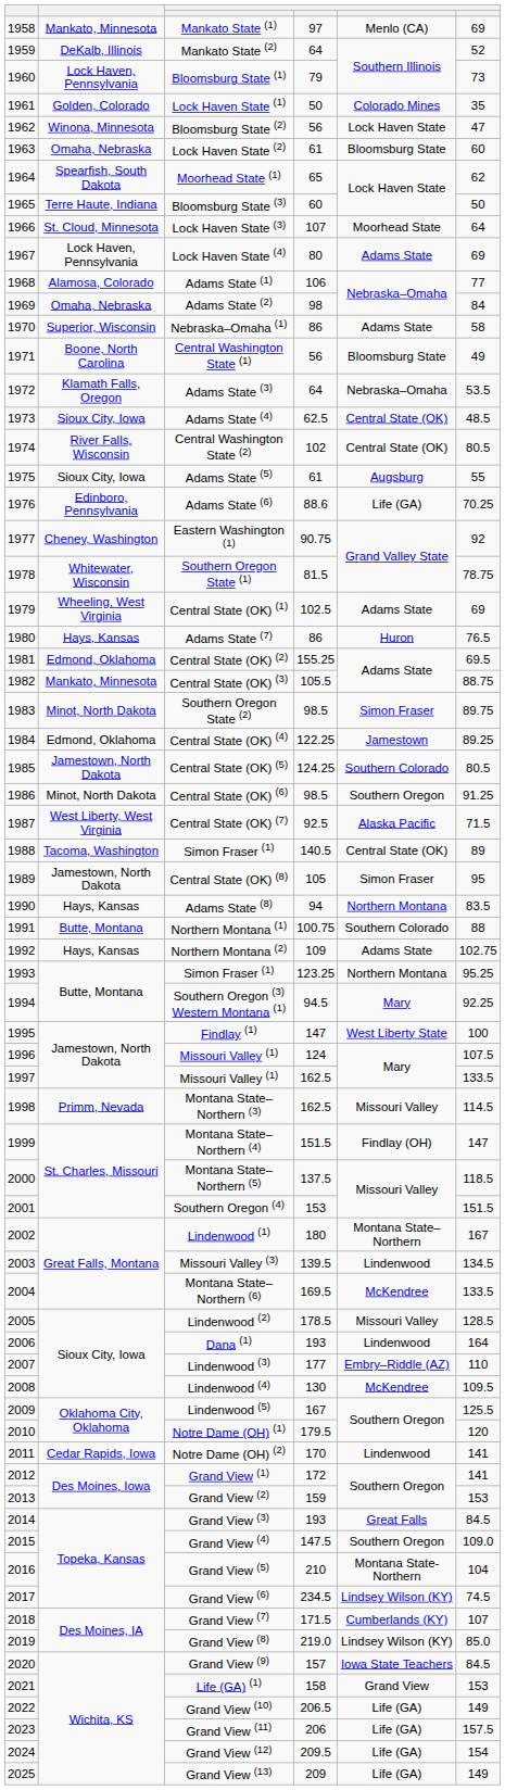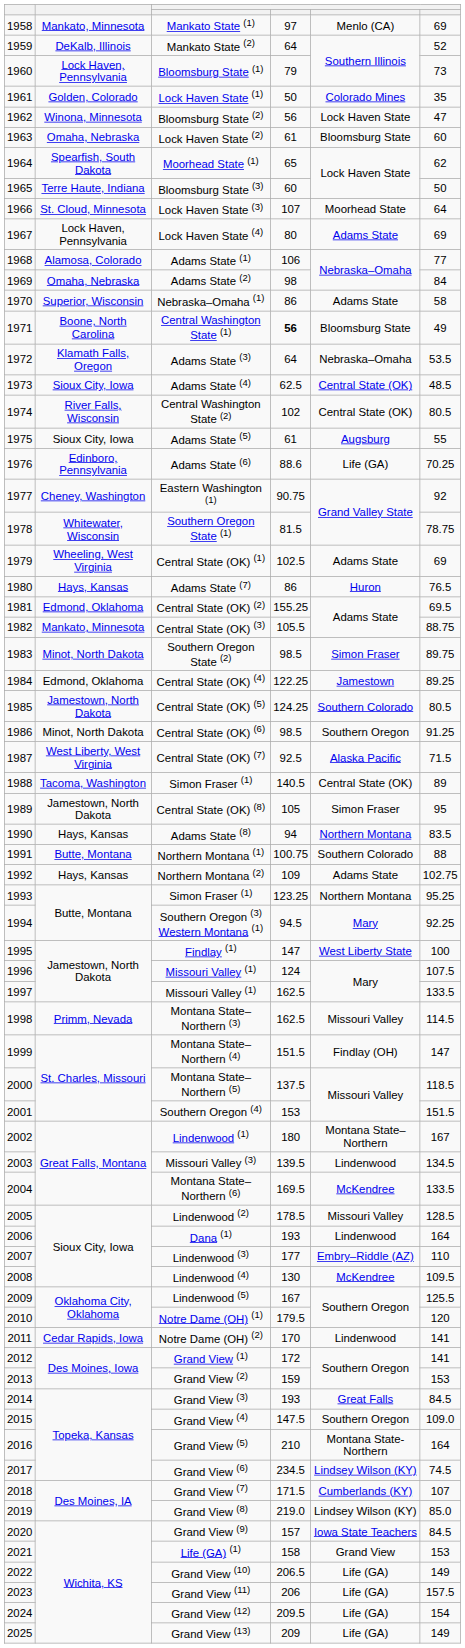 <table class="wikitable sortable" style="font-size:95%; text-align: center;">
 <tr>
 <th rowspan="2"></th>
 <th rowspan="2"></th>
 <th colspan=4></th>
 </tr>
 <tr>
 <th></th>
 <th></th>
 <th></th>
 <th></th>
 </tr>
 <tr>
 <td align=center>1958</td>
 <td><a href='#'>Mankato, Minnesota</a></td>
 <td><a href='#'>Mankato State</a> <sup>(1)</sup></td>
 <td align=center>97</td>
 <td>Menlo (CA)</td>
 <td align=center>69</td>
 </tr>
 <tr>
 <td align=center>1959</td>
 <td><a href='#'>DeKalb, Illinois</a></td>
 <td>Mankato State <sup>(2)</sup></td>
 <td align=center>64</td>
 <td rowspan="2"><a href='#'>Southern Illinois</a></td>
 <td align=center>52</td>
 </tr>
 <tr>
 <td align=center>1960</td>
 <td><a href='#'>Lock Haven, Pennsylvania</a></td>
 <td><a href='#'>Bloomsburg State</a> <sup>(1)</sup></td>
 <td align=center>79</td>
 <td align=center>73</td>
 </tr>
 <tr>
 <td align=center>1961</td>
 <td><a href='#'>Golden, Colorado</a></td>
 <td><a href='#'>Lock Haven State</a> <sup>(1)</sup></td>
 <td align=center>50</td>
 <td><a href='#'>Colorado Mines</a></td>
 <td align=center>35</td>
 </tr>
 <tr>
 <td align=center>1962</td>
 <td><a href='#'>Winona, Minnesota</a></td>
 <td>Bloomsburg State <sup>(2)</sup></td>
 <td align=center>56</td>
 <td>Lock Haven State</td>
 <td align=center>47</td>
 </tr>
 <tr>
 <td align=center>1963</td>
 <td><a href='#'>Omaha, Nebraska</a></td>
 <td>Lock Haven State <sup>(2)</sup></td>
 <td align=center>61</td>
 <td>Bloomsburg State</td>
 <td align=center>60</td>
 </tr>
 <tr>
 <td align=center>1964</td>
 <td><a href='#'>Spearfish, South Dakota</a></td>
 <td><a href='#'>Moorhead State</a> <sup>(1)</sup></td>
 <td align=center>65</td>
 <td rowspan="2">Lock Haven State</td>
 <td align=center>62</td>
 </tr>
 <tr>
 <td align=center>1965</td>
 <td><a href='#'>Terre Haute, Indiana</a></td>
 <td>Bloomsburg State <sup>(3)</sup></td>
 <td align=center>60</td>
 <td align=center>50</td>
 </tr>
 <tr>
 <td align=center>1966</td>
 <td><a href='#'>St. Cloud, Minnesota</a></td>
 <td>Lock Haven State <sup>(3)</sup></td>
 <td align=center>107</td>
 <td>Moorhead State</td>
 <td align=center>64</td>
 </tr>
 <tr>
 <td align=center>1967</td>
 <td>Lock Haven, Pennsylvania</td>
 <td>Lock Haven State <sup>(4)</sup></td>
 <td align=center>80</td>
 <td><a href='#'>Adams State</a></td>
 <td align=center>69</td>
 </tr>
 <tr>
 <td align=center>1968</td>
 <td><a href='#'>Alamosa, Colorado</a></td>
 <td>Adams State <sup>(1)</sup></td>
 <td align=center>106</td>
 <td rowspan="2"><a href='#'>Nebraska–Omaha</a></td>
 <td align=center>77</td>
 </tr>
 <tr>
 <td align=center>1969</td>
 <td><a href='#'>Omaha, Nebraska</a></td>
 <td>Adams State <sup>(2)</sup></td>
 <td align=center>98</td>
 <td align=center>84</td>
 </tr>
 <tr>
 <td align=center>1970</td>
 <td><a href='#'>Superior, Wisconsin</a></td>
 <td>Nebraska–Omaha <sup>(1)</sup></td>
 <td align=center>86</td>
 <td>Adams State</td>
 <td align=center>58</td>
 </tr>
 <tr>
 <td align=center>1971</td>
 <td><a href='#'>Boone, North Carolina</a></td>
 <td><a href='#'>Central Washington State</a> <sup>(1)</sup></td>
-<td align=center>56</td>
+<td align=center><strong>56</strong></td>
 <td>Bloomsburg State</td>
 <td align=center>49</td>
 </tr>
 <tr>
 <td align=center>1972</td>
 <td><a href='#'>Klamath Falls, Oregon</a></td>
 <td>Adams State <sup>(3)</sup></td>
 <td align=center>64</td>
 <td>Nebraska–Omaha</td>
 <td align=center>53.5</td>
 </tr>
 <tr>
 <td align=center>1973</td>
 <td><a href='#'>Sioux City, Iowa</a></td>
 <td>Adams State <sup>(4)</sup></td>
 <td align=center>62.5</td>
 <td><a href='#'>Central State (OK)</a></td>
 <td align=center>48.5</td>
 </tr>
 <tr>
 <td align=center>1974</td>
 <td><a href='#'>River Falls, Wisconsin</a></td>
 <td>Central Washington State <sup>(2)</sup></td>
 <td align=center>102</td>
 <td>Central State (OK)</td>
 <td align=center>80.5</td>
 </tr>
 <tr>
 <td align=center>1975</td>
 <td>Sioux City, Iowa</td>
 <td>Adams State <sup>(5)</sup></td>
 <td align=center>61</td>
 <td><a href='#'>Augsburg</a></td>
 <td align=center>55</td>
 </tr>
 <tr>
 <td align=center>1976</td>
 <td><a href='#'>Edinboro, Pennsylvania</a></td>
 <td>Adams State <sup>(6)</sup></td>
 <td align=center>88.6</td>
 <td>Life (GA)</td>
 <td align=center>70.25</td>
 </tr>
 <tr>
 <td align=center>1977</td>
 <td><a href='#'>Cheney, Washington</a></td>
 <td>Eastern Washington <sup>(1)</sup></td>
 <td align=center>90.75</td>
 <td rowspan="2"><a href='#'>Grand Valley State</a></td>
 <td align=center>92</td>
 </tr>
 <tr>
 <td align=center>1978</td>
 <td><a href='#'>Whitewater, Wisconsin</a></td>
 <td><a href='#'>Southern Oregon State</a> <sup>(1)</sup></td>
 <td align=center>81.5</td>
 <td align=center>78.75</td>
 </tr>
 <tr>
 <td align=center>1979</td>
 <td><a href='#'>Wheeling, West Virginia</a></td>
 <td>Central State (OK) <sup>(1)</sup></td>
 <td align=center>102.5</td>
 <td>Adams State</td>
 <td align=center>69</td>
 </tr>
 <tr>
 <td align=center>1980</td>
 <td><a href='#'>Hays, Kansas</a></td>
 <td>Adams State <sup>(7)</sup></td>
 <td align=center>86</td>
 <td><a href='#'>Huron</a></td>
 <td align=center>76.5</td>
 </tr>
 <tr>
 <td align=center>1981</td>
 <td><a href='#'>Edmond, Oklahoma</a></td>
 <td>Central State (OK) <sup>(2)</sup></td>
 <td align=center>155.25</td>
 <td rowspan="2">Adams State</td>
 <td align=center>69.5</td>
 </tr>
 <tr>
 <td align=center>1982</td>
 <td><a href='#'>Mankato, Minnesota</a></td>
 <td>Central State (OK) <sup>(3)</sup></td>
 <td align=center>105.5</td>
 <td align=center>88.75</td>
 </tr>
 <tr>
 <td align=center>1983</td>
 <td><a href='#'>Minot, North Dakota</a></td>
 <td>Southern Oregon State <sup>(2)</sup></td>
 <td align=center>98.5</td>
 <td><a href='#'>Simon Fraser</a></td>
 <td align=center>89.75</td>
 </tr>
 <tr>
 <td align=center>1984</td>
 <td>Edmond, Oklahoma</td>
 <td>Central State (OK) <sup>(4)</sup></td>
 <td align=center>122.25</td>
 <td><a href='#'>Jamestown</a></td>
 <td align=center>89.25</td>
 </tr>
 <tr>
 <td align=center>1985</td>
 <td><a href='#'>Jamestown, North Dakota</a></td>
 <td>Central State (OK) <sup>(5)</sup></td>
 <td align=center>124.25</td>
 <td><a href='#'>Southern Colorado</a></td>
 <td align=center>80.5</td>
 </tr>
 <tr>
 <td align=center>1986</td>
 <td>Minot, North Dakota</td>
 <td>Central State (OK) <sup>(6)</sup></td>
 <td align=center>98.5</td>
 <td>Southern Oregon</td>
 <td align=center>91.25</td>
 </tr>
 <tr>
 <td align=center>1987</td>
 <td><a href='#'>West Liberty, West Virginia</a></td>
 <td>Central State (OK) <sup>(7)</sup></td>
 <td align=center>92.5</td>
 <td><a href='#'>Alaska Pacific</a></td>
 <td align=center>71.5</td>
 </tr>
 <tr>
 <td align=center>1988</td>
 <td><a href='#'>Tacoma, Washington</a></td>
 <td>Simon Fraser <sup>(1)</sup></td>
 <td align=center>140.5</td>
 <td>Central State (OK)</td>
 <td align=center>89</td>
 </tr>
 <tr>
 <td align=center>1989</td>
 <td>Jamestown, North Dakota</td>
 <td>Central State (OK) <sup>(8)</sup></td>
 <td align=center>105</td>
 <td>Simon Fraser</td>
 <td align=center>95</td>
 </tr>
 <tr>
 <td align=center>1990</td>
 <td>Hays, Kansas</td>
 <td>Adams State <sup>(8)</sup></td>
 <td align=center>94</td>
 <td><a href='#'>Northern Montana</a></td>
 <td align=center>83.5</td>
 </tr>
 <tr>
 <td align=center>1991</td>
 <td><a href='#'>Butte, Montana</a></td>
 <td>Northern Montana <sup>(1)</sup></td>
 <td align=center>100.75</td>
 <td>Southern Colorado</td>
 <td align=center>88</td>
 </tr>
 <tr>
 <td align=center>1992</td>
 <td>Hays, Kansas</td>
 <td>Northern Montana <sup>(2)</sup></td>
 <td align=center>109</td>
 <td>Adams State</td>
 <td align=center>102.75</td>
 </tr>
 <tr>
 <td align=center>1993</td>
 <td rowspan="2">Butte, Montana</td>
 <td>Simon Fraser <sup>(1)</sup></td>
 <td align=center>123.25</td>
 <td>Northern Montana</td>
 <td align=center>95.25</td>
 </tr>
 <tr>
 <td align=center>1994</td>
 <td>Southern Oregon <sup>(3)</sup><br><a href='#'>Western Montana</a> <sup>(1)</sup></td>
 <td align=center>94.5</td>
 <td><a href='#'>Mary</a></td>
 <td align=center>92.25</td>
 </tr>
 <tr>
 <td align=center>1995</td>
 <td rowspan="3">Jamestown, North Dakota</td>
 <td><a href='#'>Findlay</a> <sup>(1)</sup></td>
 <td align=center>147</td>
 <td><a href='#'>West Liberty State</a></td>
 <td align=center>100</td>
 </tr>
 <tr>
 <td align=center>1996</td>
 <td><a href='#'>Missouri Valley</a> <sup>(1)</sup></td>
 <td align=center>124</td>
 <td rowspan="2">Mary</td>
 <td align=center>107.5</td>
 </tr>
 <tr>
 <td align=center>1997</td>
 <td>Missouri Valley <sup>(1)</sup></td>
 <td align=center>162.5</td>
 <td align=center>133.5</td>
 </tr>
 <tr>
 <td align=center>1998</td>
 <td><a href='#'>Primm, Nevada</a></td>
 <td>Montana State–Northern <sup>(3)</sup></td>
 <td align=center>162.5</td>
 <td>Missouri Valley</td>
 <td align=center>114.5</td>
 </tr>
 <tr>
 <td align=center>1999</td>
 <td rowspan="3"><a href='#'>St. Charles, Missouri</a></td>
 <td>Montana State–Northern <sup>(4)</sup></td>
 <td align=center>151.5</td>
 <td>Findlay (OH)</td>
 <td align=center>147</td>
 </tr>
 <tr>
 <td align=center>2000</td>
 <td>Montana State–Northern <sup>(5)</sup></td>
 <td align=center>137.5</td>
 <td rowspan="2">Missouri Valley</td>
 <td align=center>118.5</td>
 </tr>
 <tr>
 <td align=center>2001</td>
 <td>Southern Oregon <sup>(4)</sup></td>
 <td align=center>153</td>
 <td align=center>151.5</td>
 </tr>
 <tr>
 <td align=center>2002</td>
 <td rowspan="3"><a href='#'>Great Falls, Montana</a></td>
 <td><a href='#'>Lindenwood</a> <sup>(1)</sup></td>
 <td align=center>180</td>
 <td>Montana State–Northern</td>
 <td align=center>167</td>
 </tr>
 <tr>
 <td align=center>2003</td>
 <td>Missouri Valley <sup>(3)</sup></td>
 <td align=center>139.5</td>
 <td>Lindenwood</td>
 <td align=center>134.5</td>
 </tr>
 <tr>
 <td align=center>2004</td>
 <td>Montana State–Northern <sup>(6)</sup></td>
 <td align=center>169.5</td>
 <td><a href='#'>McKendree</a></td>
 <td align=center>133.5</td>
 </tr>
 <tr>
 <td align=center>2005</td>
 <td rowspan="4">Sioux City, Iowa</td>
 <td>Lindenwood <sup>(2)</sup></td>
 <td align=center>178.5</td>
 <td>Missouri Valley</td>
 <td align=center>128.5</td>
 </tr>
 <tr>
 <td align=center>2006</td>
 <td><a href='#'>Dana</a> <sup>(1)</sup></td>
 <td align=center>193</td>
 <td>Lindenwood</td>
 <td align=center>164</td>
 </tr>
 <tr>
 <td align=center>2007</td>
 <td>Lindenwood <sup>(3)</sup></td>
 <td align=center>177</td>
 <td><a href='#'>Embry–Riddle (AZ)</a></td>
 <td align=center>110</td>
 </tr>
 <tr>
 <td align=center>2008</td>
 <td>Lindenwood <sup>(4)</sup></td>
 <td align=center>130</td>
 <td><a href='#'>McKendree</a></td>
 <td align=center>109.5</td>
 </tr>
 <tr>
 <td align=center>2009</td>
 <td rowspan="2"><a href='#'>Oklahoma City, Oklahoma</a></td>
 <td>Lindenwood <sup>(5)</sup></td>
 <td align=center>167</td>
 <td rowspan="2">Southern Oregon</td>
 <td align=center>125.5</td>
 </tr>
 <tr>
 <td align=center>2010</td>
 <td><a href='#'>Notre Dame (OH)</a> <sup>(1)</sup></td>
 <td align=center>179.5</td>
 <td align=center>120</td>
 </tr>
 <tr>
 <td align=center>2011</td>
 <td rowspan="1"><a href='#'>Cedar Rapids, Iowa</a></td>
 <td>Notre Dame (OH) <sup>(2)</sup></td>
 <td align=center>170</td>
 <td>Lindenwood</td>
 <td align=center>141</td>
 </tr>
 <tr>
 <td align=center>2012</td>
 <td rowspan="2"><a href='#'>Des Moines, Iowa</a></td>
 <td><a href='#'>Grand View</a> <sup>(1)</sup></td>
 <td align=center>172</td>
 <td rowspan="2">Southern Oregon</td>
 <td align=center>141</td>
 </tr>
 <tr>
 <td align=center>2013</td>
 <td>Grand View <sup>(2)</sup></td>
 <td align=center>159</td>
 <td align=center>153</td>
 </tr>
 <tr>
 <td align=center>2014</td>
 <td rowspan="4"><a href='#'>Topeka, Kansas</a></td>
 <td>Grand View <sup>(3)</sup></td>
 <td align=center>193</td>
 <td><a href='#'>Great Falls</a></td>
 <td align=center>84.5</td>
 </tr>
 <tr>
 <td align=center>2015</td>
 <td>Grand View <sup>(4)</sup></td>
 <td align=center>147.5</td>
 <td>Southern Oregon</td>
 <td align=center>109.0</td>
 </tr>
 <tr>
 <td align=center>2016</td>
 <td>Grand View <sup>(5)</sup></td>
 <td align=center>210</td>
 <td>Montana State-Northern</td>
-<td align=center>104</td>
+<td align=center>164</td>
 </tr>
 <tr>
 <td align=center>2017</td>
 <td>Grand View <sup>(6)</sup></td>
 <td align=center>234.5</td>
 <td><a href='#'>Lindsey Wilson (KY)</a></td>
 <td align=center>74.5</td>
 </tr>
 <tr>
 <td align=center>2018</td>
 <td rowspan="2"><a href='#'>Des Moines, IA</a></td>
 <td>Grand View <sup>(7)</sup></td>
 <td align=center>171.5</td>
 <td><a href='#'>Cumberlands (KY)</a></td>
 <td align=center>107</td>
 </tr>
 <tr>
 <td align=center>2019</td>
 <td>Grand View <sup>(8)</sup></td>
 <td align=center>219.0</td>
 <td>Lindsey Wilson (KY)</td>
 <td align=center>85.0</td>
 </tr>
 <tr>
 <td align=center>2020</td>
 <td rowspan="6"><a href='#'>Wichita, KS</a></td>
 <td>Grand View <sup>(9)</sup></td>
 <td align=center>157</td>
 <td><a href='#'>Iowa State Teachers</a></td>
 <td align=center>84.5</td>
 </tr>
 <tr>
 <td align=center>2021</td>
 <td><a href='#'>Life (GA)</a> <sup>(1)</sup></td>
 <td align=center>158</td>
 <td>Grand View</td>
 <td align=center>153</td>
 </tr>
 <tr>
 <td align=center>2022</td>
 <td>Grand View <sup>(10)</sup></td>
 <td align=center>206.5</td>
 <td>Life (GA)</td>
 <td align=center>149</td>
 </tr>
 <tr>
 <td align=center>2023</td>
 <td>Grand View <sup>(11)</sup></td>
 <td align=center>206</td>
 <td>Life (GA)</td>
 <td align=center>157.5</td>
 </tr>
 <tr>
 <td align=center>2024</td>
 <td>Grand View <sup>(12)</sup></td>
 <td align=center>209.5</td>
 <td>Life (GA)</td>
 <td align=center>154</td>
 </tr>
 <tr>
 <td align=center>2025</td>
 <td>Grand View <sup>(13)</sup></td>
 <td align=center>209</td>
 <td>Life (GA)</td>
 <td align=center>149</td>
 </tr>
 </table>
